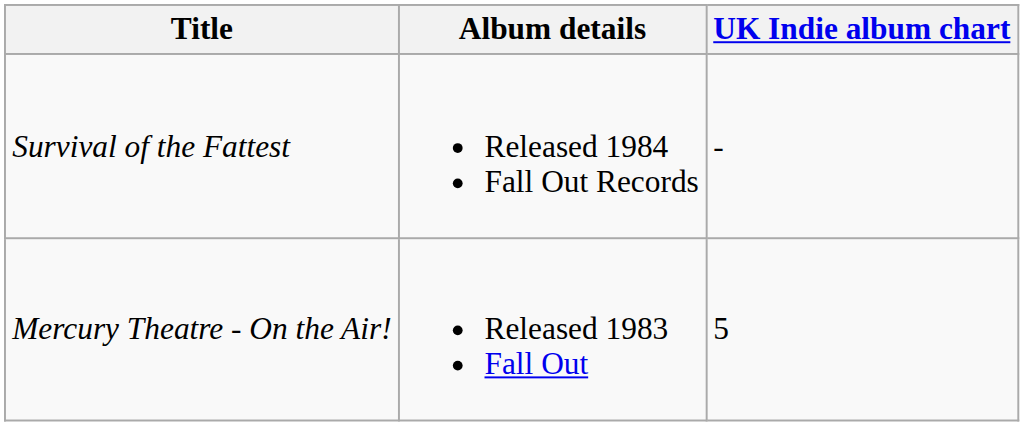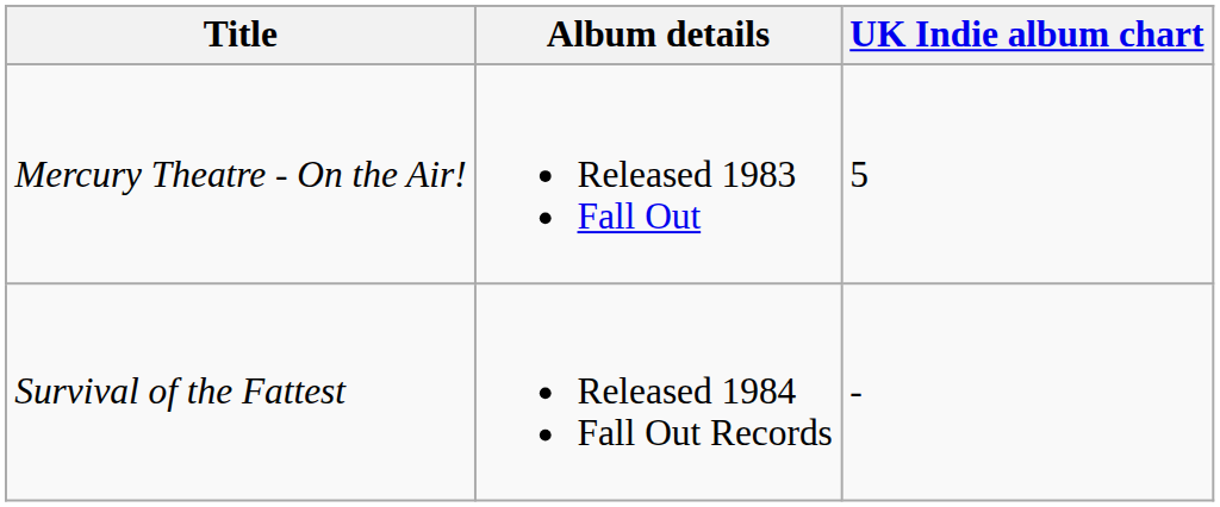 <table class="wikitable">
 <tr>
 <th>Title</th>
 <th>Album details</th>
 <th><a href='#'>UK Indie album chart</a></th>
 </tr>
 <tr>
+<td><em>Mercury Theatre - On the Air!</em></td>
+<td><br><ul><li>Released 1983</li><li><a href='#'>Fall Out</a></li></ul></td>
+<td>5</td>
+</tr>
+<tr>
 <td><em>Survival of the Fattest</em></td>
 <td><br><ul><li>Released 1984</li><li>Fall Out Records</li></ul></td>
 <td>-</td>
 </tr>
-<tr>
-<td><em>Mercury Theatre - On the Air!</em></td>
-<td><br><ul><li>Released 1983</li><li><a href='#'>Fall Out</a></li></ul></td>
-<td>5</td>
-</tr>
 </table>
